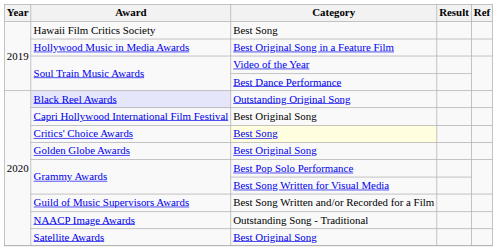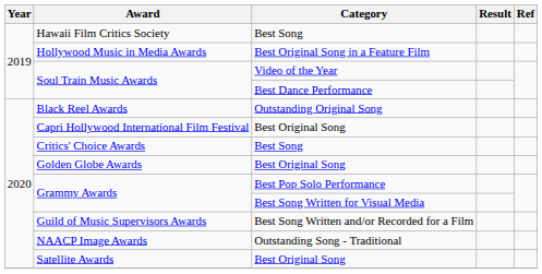 <table class="wikitable">
 <tr>
 <th>Year</th>
 <th>Award</th>
 <th>Category</th>
 <th>Result</th>
 <th>Ref</th>
 </tr>
 <tr>
 <td rowspan="4">2019</td>
 <td>Hawaii Film Critics Society</td>
 <td Best Song>Best Song</td>
 <td></td>
 <td></td>
 </tr>
 <tr>
 <td><a href='#'>Hollywood Music in Media Awards</a></td>
 <td><a href='#'>Best Original Song in a Feature Film</a></td>
 <td></td>
 <td></td>
 </tr>
 <tr>
 <td rowspan="2"><a href='#'>Soul Train Music Awards</a></td>
 <td><a href='#'>Video of the Year</a></td>
 <td></td>
 <td rowspan="2"></td>
 </tr>
 <tr>
 <td><a href='#'>Best Dance Performance</a></td>
 <td></td>
 </tr>
 <tr>
 <td rowspan="9">2020</td>
-<td style="background: lavender;"><a href='#'>Black Reel Awards</a></td>
+<td><a href='#'>Black Reel Awards</a></td>
 <td><a href='#'>Outstanding Original Song</a></td>
 <td></td>
 <td></td>
 </tr>
 <tr>
 <td><a href='#'>Capri Hollywood International Film Festival</a></td>
 <td>Best Original Song</td>
 <td></td>
 <td></td>
 </tr>
 <tr>
 <td><a href='#'>Critics' Choice Awards</a></td>
-<td style="background: lightyellow;"><a href='#'>Best Song</a></td>
+<td><a href='#'>Best Song</a></td>
 <td></td>
 <td></td>
 </tr>
 <tr>
 <td><a href='#'>Golden Globe Awards</a></td>
 <td><a href='#'>Best Original Song</a></td>
 <td></td>
 <td></td>
 </tr>
 <tr>
 <td rowspan="2"><a href='#'>Grammy Awards</a></td>
 <td><a href='#'>Best Pop Solo Performance</a></td>
 <td></td>
 <td rowspan="2"></td>
 </tr>
 <tr>
 <td><a href='#'>Best Song Written for Visual Media</a></td>
 <td></td>
 </tr>
 <tr>
 <td><a href='#'>Guild of Music Supervisors Awards</a></td>
 <td>Best Song Written and/or Recorded for a Film</td>
 <td></td>
 <td></td>
 </tr>
 <tr>
 <td><a href='#'>NAACP Image Awards</a></td>
 <td>Outstanding Song - Traditional</td>
 <td></td>
 <td></td>
 </tr>
 <tr>
 <td><a href='#'>Satellite Awards</a></td>
 <td><a href='#'>Best Original Song</a></td>
 <td></td>
 <td></td>
 </tr>
 <tr>
 </tr>
 </table>
